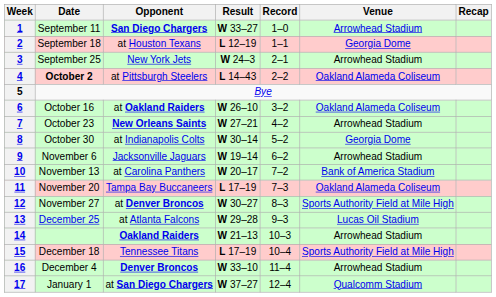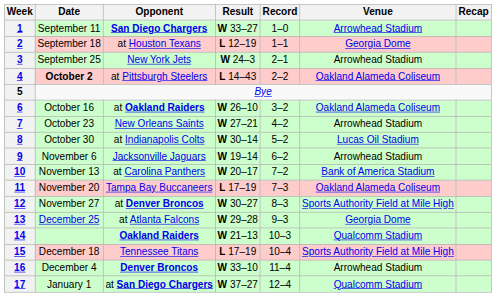 <table class="wikitable" style="text-align:center">
 <tr>
 <th>Week</th>
 <th>Date</th>
 <th>Opponent</th>
 <th>Result</th>
 <th>Record</th>
 <th>Venue</th>
 <th>Recap</th>
 </tr>
 <tr style="background:#cfc">
 <th><a href='#'>1</a></th>
 <td>September 11</td>
 <td><strong><a href='#'>San Diego Chargers</a></strong></td>
 <td><strong>W</strong> 33–27 </td>
 <td>1–0</td>
 <td><a href='#'>Arrowhead Stadium</a></td>
 <td></td>
 </tr>
 <tr style="background:#fcc">
 <th><a href='#'>2</a></th>
 <td>September 18</td>
 <td>at <a href='#'>Houston Texans</a></td>
 <td><strong>L</strong> 12–19</td>
 <td>1–1</td>
 <td><a href='#'>Georgia Dome</a></td>
 <td></td>
 </tr>
 <tr style="background:#cfc">
 <th><a href='#'>3</a></th>
 <td>September 25</td>
 <td><a href='#'>New York Jets</a></td>
 <td><strong>W</strong> 24–3</td>
 <td>2–1</td>
 <td>Arrowhead Stadium</td>
 <td></td>
 </tr>
 <tr style="background:#fcc">
 <th><a href='#'>4</a></th>
 <td><strong>October 2</strong></td>
 <td>at <a href='#'>Pittsburgh Steelers</a></td>
 <td><strong>L</strong> 14–43</td>
 <td>2–2</td>
 <td><a href='#'>Oakland Alameda Coliseum</a></td>
 <td></td>
 </tr>
 <tr>
 <th>5</th>
 <td colspan="6"><em><a href='#'>Bye</a></em></td>
 </tr>
 <tr style="background:#cfc">
 <th><a href='#'>6</a></th>
 <td>October 16</td>
 <td>at <strong><a href='#'>Oakland Raiders</a></strong></td>
 <td><strong>W</strong> 26–10</td>
 <td>3–2</td>
 <td><a href='#'>Oakland Alameda Coliseum</a></td>
 <td></td>
 </tr>
 <tr style="background:#cfc">
 <th><a href='#'>7</a></th>
 <td>October 23</td>
-<td><strong><a href='#'>New Orleans Saints</a></strong></td>
+<td><a href='#'>New Orleans Saints</a></td>
 <td><strong>W</strong> 27–21</td>
 <td>4–2</td>
 <td>Arrowhead Stadium</td>
 <td></td>
 </tr>
 <tr style="background:#cfc">
 <th><a href='#'>8</a></th>
 <td>October 30</td>
 <td>at <a href='#'>Indianapolis Colts</a></td>
 <td><strong>W</strong> 30–14</td>
 <td>5–2</td>
-<td><a href='#'>Georgia Dome</a></td>
+<td><a href='#'>Lucas Oil Stadium</a></td>
 <td></td>
 </tr>
 <tr style="background:#cfc">
 <th><a href='#'>9</a></th>
 <td>November 6</td>
 <td><a href='#'>Jacksonville Jaguars</a></td>
 <td><strong>W</strong> 19–14</td>
 <td>6–2</td>
 <td>Arrowhead Stadium</td>
 <td></td>
 </tr>
 <tr style="background:#cfc">
 <th><a href='#'>10</a></th>
 <td>November 13</td>
 <td>at <a href='#'>Carolina Panthers</a></td>
 <td><strong>W</strong> 20–17</td>
 <td>7–2</td>
 <td><a href='#'>Bank of America Stadium</a></td>
 <td></td>
 </tr>
 <tr style="background:#fcc">
 <th><a href='#'>11</a></th>
 <td>November 20</td>
 <td><a href='#'>Tampa Bay Buccaneers</a></td>
 <td><strong>L</strong> 17–19</td>
 <td>7–3</td>
 <td><a href='#'>Oakland Alameda Coliseum</a></td>
 <td></td>
 </tr>
 <tr style="background:#cfc">
 <th><a href='#'>12</a></th>
 <td>November 27</td>
 <td>at <strong><a href='#'>Denver Broncos</a></strong></td>
 <td><strong>W</strong> 30–27 </td>
 <td>8–3</td>
 <td><a href='#'>Sports Authority Field at Mile High</a></td>
 <td></td>
 </tr>
 <tr style="background:#cfc">
 <th><a href='#'>13</a></th>
 <td><a href='#'>December 25</a></td>
 <td>at <a href='#'>Atlanta Falcons</a></td>
 <td><strong>W</strong> 29–28</td>
 <td>9–3</td>
-<td><a href='#'>Lucas Oil Stadium</a></td>
+<td><a href='#'>Georgia Dome</a></td>
 <td></td>
 </tr>
 <tr style="background:#cfc">
 <th><a href='#'>14</a></th>
 <td></td>
 <td><strong><a href='#'>Oakland Raiders</a></strong></td>
 <td><strong>W</strong> 21–13</td>
 <td>10–3</td>
-<td>Arrowhead Stadium</td>
+<td><a href='#'>Qualcomm Stadium</a></td>
 <td></td>
 </tr>
 <tr style="background:#fcc">
 <th><a href='#'>15</a></th>
 <td>December 18</td>
 <td><a href='#'>Tennessee Titans</a></td>
 <td><strong>L</strong> 17–19</td>
 <td>10–4</td>
 <td><a href='#'>Sports Authority Field at Mile High</a></td>
 <td></td>
 </tr>
 <tr style="background:#cfc">
 <th><a href='#'>16</a></th>
 <td>December 4</td>
 <td><strong><a href='#'>Denver Broncos</a></strong></td>
 <td><strong>W</strong> 33–10</td>
 <td>11–4</td>
 <td>Arrowhead Stadium</td>
 <td></td>
 </tr>
 <tr style="background:#cfc">
 <th><a href='#'>17</a></th>
 <td>January 1</td>
 <td>at <strong><a href='#'>San Diego Chargers</a></strong></td>
 <td><strong>W</strong> 37–27</td>
 <td>12–4</td>
 <td><a href='#'>Qualcomm Stadium</a></td>
 <td></td>
 </tr>
 </table>
